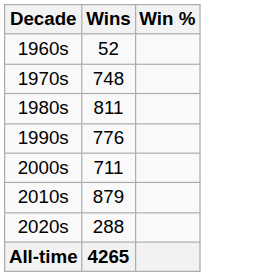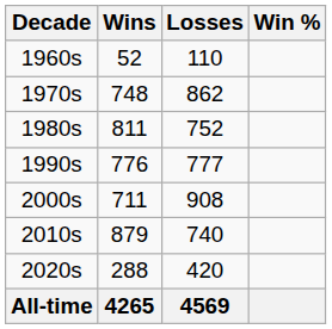 <table class="wikitable" style="text-align:center">
 <tr>
 <th style="text-align:center; ">Decade</th>
 <th style="text-align:center; ">Wins</th>
+<th style="text-align:center; ">Losses</th>
 <th style="text-align:center; ">Win %</th>
 </tr>
 <tr>
 <td>1960s</td>
 <td>52</td>
+<td>110</td>
 <td></td>
 </tr>
 <tr>
 <td>1970s</td>
 <td>748</td>
+<td>862</td>
 <td></td>
 </tr>
 <tr>
 <td>1980s</td>
 <td>811</td>
+<td>752</td>
 <td></td>
 </tr>
 <tr>
 <td>1990s</td>
 <td>776</td>
+<td>777</td>
 <td></td>
 </tr>
 <tr>
 <td>2000s</td>
 <td>711</td>
+<td>908</td>
 <td></td>
 </tr>
 <tr>
 <td>2010s</td>
 <td>879</td>
+<td>740</td>
 <td></td>
 </tr>
 <tr>
 <td>2020s</td>
 <td>288</td>
+<td>420</td>
 <td></td>
 </tr>
 <tr style="background:#f0f0f0; font-weight:bold">
 <th style="text-align:center; ">All-time</th>
 <th style="text-align:center; ">4265</th>
+<th style="text-align:center; ">4569</th>
 <th style="text-align:center; "></th>
 </tr>
 </table>
